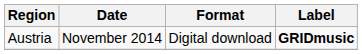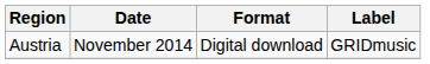 <table class=wikitable>
 <tr>
 <th>Region</th>
 <th>Date</th>
 <th>Format</th>
 <th>Label</th>
 </tr>
 <tr>
 <td>Austria</td>
 <td>November 2014</td>
 <td>Digital download</td>
-<td><strong>GRIDmusic</strong></td>
+<td>GRIDmusic</td>
 </tr>
 <tr>
 </tr>
 </table>
